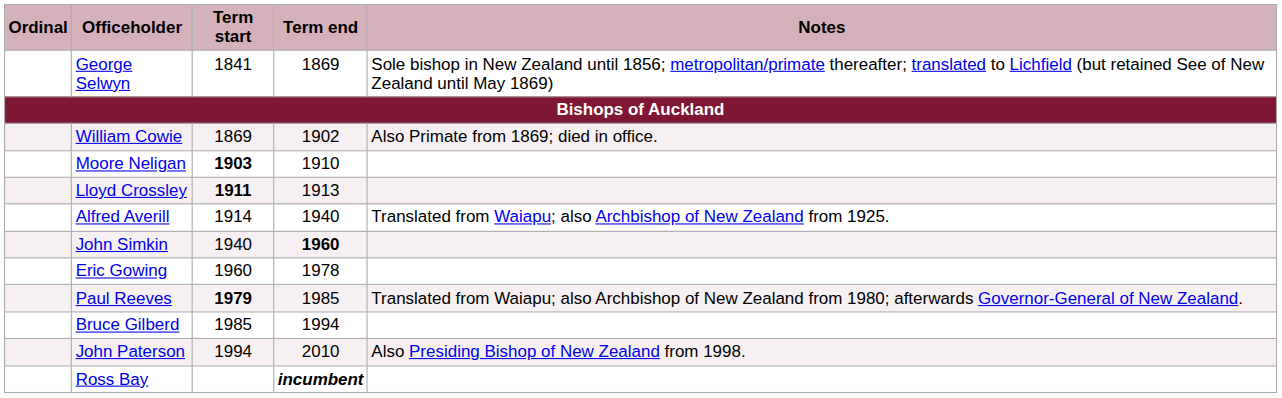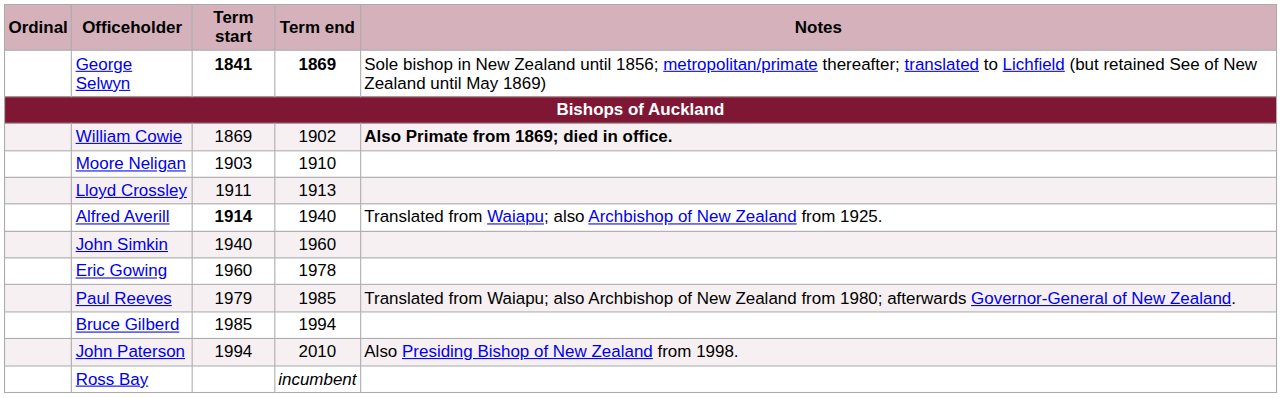 <table class="wikitable sortable" style="width: 95%;">
 <tr>
 <th style="background-color: #D4B1BB;">Ordinal</th>
 <th style="background-color: #D4B1BB;">Officeholder</th>
 <th style="background-color: #D4B1BB;">Term start</th>
 <th style="background-color: #D4B1BB;">Term end</th>
 <th style="background-color: #D4B1BB;">Notes</th>
 </tr>
 <tr valign="top" style="background-color: white;">
 <td align=center></td>
 <td><a href='#'>George Selwyn</a><br></td>
-<td align=center>1841</td>
-<td align=center>1869</td>
+<td align=center><strong>1841</strong></td>
+<td align=center><strong>1869</strong></td>
 <td>Sole bishop in New Zealand until 1856; <a href='#'>metropolitan/primate</a> thereafter; <a href='#'>translated</a> to <a href='#'>Lichfield</a> (but retained See of New Zealand until May 1869)</td>
 </tr>
 <tr>
 <th colspan="6" style="background-color: #7F1734; color: white;">Bishops of Auckland</th>
 </tr>
 <tr valign="top" style="background-color: #F7F0F2;">
 <td align=center></td>
 <td><a href='#'>William Cowie</a></td>
 <td style="text-align: center;">1869</td>
 <td style="text-align: center;">1902</td>
-<td>Also Primate from 1869; died in office.</td>
+<td><strong>Also Primate from 1869; died in office.</strong></td>
 </tr>
 <tr valign="top" style="background-color: white;">
 <td align=center></td>
 <td><a href='#'>Moore Neligan</a></td>
-<td style="text-align: center;"><strong>1903</strong></td>
+<td style="text-align: center;">1903</td>
 <td style="text-align: center;">1910</td>
 <td></td>
 </tr>
 <tr valign="top" style="background-color: #F7F0F2;">
 <td align=center></td>
 <td><a href='#'>Lloyd Crossley</a></td>
-<td style="text-align: center;"><strong>1911</strong></td>
+<td style="text-align: center;">1911</td>
 <td style="text-align: center;">1913</td>
 <td></td>
 </tr>
 <tr valign="top" style="background-color: white;">
 <td align=center></td>
 <td><a href='#'>Alfred Averill</a></td>
-<td style="text-align: center;">1914</td>
+<td style="text-align: center;"><strong>1914</strong></td>
 <td style="text-align: center;">1940</td>
 <td>Translated from <a href='#'>Waiapu</a>; also <a href='#'>Archbishop of New Zealand</a> from 1925.</td>
 </tr>
 <tr valign="top" style="background-color: #F7F0F2;">
 <td align=center></td>
 <td><a href='#'>John Simkin</a></td>
 <td style="text-align: center;">1940</td>
-<td style="text-align: center;"><strong>1960</strong></td>
+<td style="text-align: center;">1960</td>
 <td></td>
 </tr>
 <tr valign="top" style="background-color: white;">
 <td align=center></td>
 <td><a href='#'>Eric Gowing</a></td>
 <td style="text-align: center;">1960</td>
 <td style="text-align: center;">1978</td>
 <td></td>
 </tr>
 <tr valign="top" style="background-color: #F7F0F2;">
 <td align=center></td>
 <td><a href='#'>Paul Reeves</a></td>
-<td style="text-align: center;"><strong>1979</strong></td>
+<td style="text-align: center;">1979</td>
 <td style="text-align: center;">1985</td>
 <td>Translated from Waiapu; also Archbishop of New Zealand from 1980; afterwards <a href='#'>Governor-General of New&nbsp;Zealand</a>.</td>
 </tr>
 <tr valign="top" style="background-color: white;">
 <td align=center></td>
 <td><a href='#'>Bruce Gilberd</a></td>
 <td style="text-align: center;">1985</td>
 <td style="text-align: center;">1994</td>
 <td></td>
 </tr>
 <tr valign="top" style="background-color: #F7F0F2;">
 <td align=center></td>
 <td><a href='#'>John Paterson</a></td>
 <td style="text-align: center;">1994</td>
 <td style="text-align: center;">2010</td>
 <td>Also <a href='#'>Presiding&nbsp;Bishop of New&nbsp;Zealand</a> from 1998.</td>
 </tr>
 <tr valign="top" style="background-color: white;">
 <td align=center></td>
 <td><a href='#'>Ross Bay</a></td>
 <td align=center></td>
-<td align=center><strong><em>incumbent</em></strong></td>
+<td align=center><em>incumbent</em></td>
 <td></td>
 </tr>
 </table>
